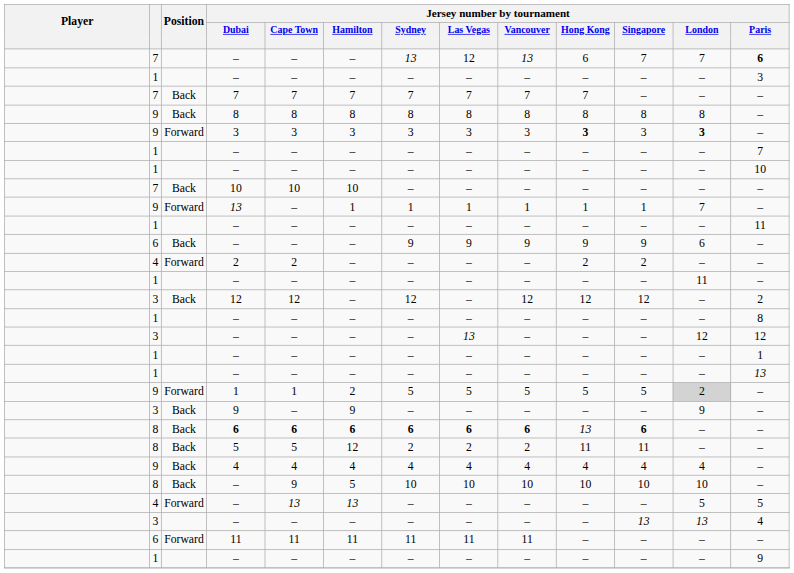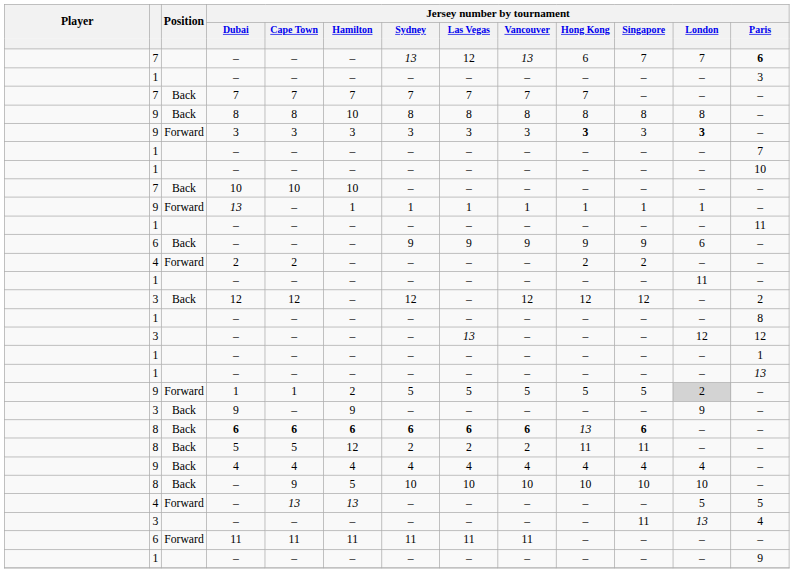 <table class="wikitable sortable" style="text-align:center;">
 <tr>
 <th rowspan=2 style="border-bottom:0px; width:12em;">Player</th>
 <th rowspan=2 style="border-bottom:0px;"></th>
 <th rowspan=2 style="border-bottom:0px;">Position</th>
 <th colspan=10 style="font-size:95%;">Jersey number by tournament</th>
 </tr>
 <tr>
 <th style="vertical-align:top;width:5.5em;border-bottom:1px solid transparent;padding:2px;font-size:85%;"><a href='#'>Dubai</a></th>
 <th style="vertical-align:top;width:5.5em;border-bottom:1px solid transparent;padding:2px;font-size:85%;"><a href='#'>Cape Town</a></th>
 <th style="vertical-align:top;width:5.5em;border-bottom:1px solid transparent;padding:2px;font-size:85%;"><a href='#'>Hamilton</a></th>
 <th style="vertical-align:top;width:5.5em;border-bottom:1px solid transparent;padding:2px;font-size:85%;"><a href='#'>Sydney</a></th>
 <th style="vertical-align:top;width:5.5em;border-bottom:1px solid transparent;padding:2px;font-size:85%;"><a href='#'>Las Vegas</a></th>
 <th style="vertical-align:top;width:5.5em;border-bottom:1px solid transparent;padding:2px;font-size:85%;"><a href='#'>Vancouver</a></th>
 <th style="vertical-align:top;width:5.5em;border-bottom:1px solid transparent;padding:2px;font-size:85%;"><a href='#'>Hong Kong</a></th>
 <th style="vertical-align:top;width:5.5em;border-bottom:1px solid transparent;padding:2px;font-size:85%;"><a href='#'>Singapore</a></th>
 <th style="vertical-align:top;width:5.5em;border-bottom:1px solid transparent;padding:2px;font-size:85%;"><a href='#'>London</a></th>
 <th style="vertical-align:top;width:5.5em;border-bottom:1px solid transparent;padding:2px;font-size:85%;"><a href='#'>Paris</a></th>
 </tr>
 <tr style="line-height:8px;">
 <th style="border-top:1px solid transparent;"></th>
 <th style="border-top:1px solid transparent;"> </th>
 <th style="border-top:1px solid transparent;"> </th>
 <th data-sort-type="number" style="border-top:1px solid transparent;"></th>
 <th data-sort-type="number" style="border-top:1px solid transparent;"></th>
 <th data-sort-type="number" style="border-top:1px solid transparent;"></th>
 <th data-sort-type="number" style="border-top:1px solid transparent;"></th>
 <th data-sort-type="number" style="border-top:1px solid transparent;"></th>
 <th data-sort-type="number" style="border-top:1px solid transparent;"></th>
 <th data-sort-type="number" style="border-top:1px solid transparent;"></th>
 <th data-sort-type="number" style="border-top:1px solid transparent;"></th>
 <th data-sort-type="number" style="border-top:1px solid transparent;"></th>
 <th data-sort-type="number" style="border-top:1px solid transparent;"></th>
 </tr>
 <tr>
 <td align=left></td>
 <td>7</td>
 <td></td>
 <td>–</td>
 <td>–</td>
 <td>–</td>
 <td><em>13</em></td>
 <td>12</td>
 <td><em>13</em></td>
 <td>6</td>
 <td>7</td>
 <td>7</td>
 <td><strong>6</strong></td>
 </tr>
 <tr>
 <td align=left></td>
 <td>1</td>
 <td></td>
 <td>–</td>
 <td>–</td>
 <td>–</td>
 <td>–</td>
 <td>–</td>
 <td>–</td>
 <td>–</td>
 <td>–</td>
 <td>–</td>
 <td>3</td>
 </tr>
 <tr>
 <td align=left></td>
 <td>7</td>
 <td>Back</td>
 <td>7</td>
 <td>7</td>
 <td>7</td>
 <td>7</td>
 <td>7</td>
 <td>7</td>
 <td>7</td>
 <td>–</td>
 <td>–</td>
 <td>–</td>
 </tr>
 <tr>
 <td align=left></td>
 <td>9</td>
 <td>Back</td>
 <td>8</td>
 <td>8</td>
-<td>8</td>
+<td>10</td>
 <td>8</td>
 <td>8</td>
 <td>8</td>
 <td>8</td>
 <td>8</td>
 <td>8</td>
 <td>–</td>
 </tr>
 <tr>
 <td align=left></td>
 <td>9</td>
 <td>Forward</td>
 <td>3</td>
 <td>3</td>
 <td>3</td>
 <td>3</td>
 <td>3</td>
 <td>3</td>
 <td><strong>3</strong></td>
 <td>3</td>
 <td><strong>3</strong></td>
 <td>–</td>
 </tr>
 <tr>
 <td align=left></td>
 <td>1</td>
 <td></td>
 <td>–</td>
 <td>–</td>
 <td>–</td>
 <td>–</td>
 <td>–</td>
 <td>–</td>
 <td>–</td>
 <td>–</td>
 <td>–</td>
 <td>7</td>
 </tr>
 <tr>
 <td align=left></td>
 <td>1</td>
 <td></td>
 <td>–</td>
 <td>–</td>
 <td>–</td>
 <td>–</td>
 <td>–</td>
 <td>–</td>
 <td>–</td>
 <td>–</td>
 <td>–</td>
 <td>10</td>
 </tr>
 <tr>
 <td align=left></td>
 <td>7</td>
 <td>Back</td>
 <td>10</td>
 <td>10</td>
 <td>10</td>
 <td>–</td>
 <td>–</td>
 <td>–</td>
 <td>–</td>
 <td>–</td>
 <td>–</td>
 <td>–</td>
 </tr>
 <tr>
 <td align=left></td>
 <td>9</td>
 <td>Forward</td>
 <td><em>13</em></td>
 <td>–</td>
 <td>1</td>
 <td>1</td>
 <td>1</td>
 <td>1</td>
 <td>1</td>
 <td>1</td>
-<td>7</td>
+<td>1</td>
 <td>–</td>
 </tr>
 <tr>
 <td align=left></td>
 <td>1</td>
 <td></td>
 <td>–</td>
 <td>–</td>
 <td>–</td>
 <td>–</td>
 <td>–</td>
 <td>–</td>
 <td>–</td>
 <td>–</td>
 <td>–</td>
 <td>11</td>
 </tr>
 <tr>
 <td align=left></td>
 <td>6</td>
 <td>Back</td>
 <td>–</td>
 <td>–</td>
 <td>–</td>
 <td>9</td>
 <td>9</td>
 <td>9</td>
 <td>9</td>
 <td>9</td>
 <td>6</td>
 <td>–</td>
 </tr>
 <tr>
 <td align=left></td>
 <td>4</td>
 <td>Forward</td>
 <td>2</td>
 <td>2</td>
 <td>–</td>
 <td>–</td>
 <td>–</td>
 <td>–</td>
 <td>2</td>
 <td>2</td>
 <td>–</td>
 <td>–</td>
 </tr>
 <tr>
 <td align=left></td>
 <td>1</td>
 <td></td>
 <td>–</td>
 <td>–</td>
 <td>–</td>
 <td>–</td>
 <td>–</td>
 <td>–</td>
 <td>–</td>
 <td>–</td>
 <td>11</td>
 <td>–</td>
 </tr>
 <tr>
 <td align=left></td>
 <td>3</td>
 <td>Back</td>
 <td>12</td>
 <td>12</td>
 <td>–</td>
 <td>12</td>
 <td>–</td>
 <td>12</td>
 <td>12</td>
 <td>12</td>
 <td>–</td>
 <td>2</td>
 </tr>
 <tr>
 <td align=left></td>
 <td>1</td>
 <td></td>
 <td>–</td>
 <td>–</td>
 <td>–</td>
 <td>–</td>
 <td>–</td>
 <td>–</td>
 <td>–</td>
 <td>–</td>
 <td>–</td>
 <td>8</td>
 </tr>
 <tr>
 <td align=left></td>
 <td>3</td>
 <td></td>
 <td>–</td>
 <td>–</td>
 <td>–</td>
 <td>–</td>
 <td><em>13</em></td>
 <td>–</td>
 <td>–</td>
 <td>–</td>
 <td>12</td>
 <td>12</td>
 </tr>
 <tr>
 <td align=left></td>
 <td>1</td>
 <td></td>
 <td>–</td>
 <td>–</td>
 <td>–</td>
 <td>–</td>
 <td>–</td>
 <td>–</td>
 <td>–</td>
 <td>–</td>
 <td>–</td>
 <td>1</td>
 </tr>
 <tr>
 <td align=left></td>
 <td>1</td>
 <td></td>
 <td>–</td>
 <td>–</td>
 <td>–</td>
 <td>–</td>
 <td>–</td>
 <td>–</td>
 <td>–</td>
 <td>–</td>
 <td>–</td>
 <td><em>13</em></td>
 </tr>
 <tr>
 <td align=left></td>
 <td>9</td>
 <td>Forward</td>
 <td>1</td>
 <td>1</td>
 <td>2</td>
 <td>5</td>
 <td>5</td>
 <td>5</td>
 <td>5</td>
 <td>5</td>
 <td style="background: lightgrey;">2</td>
 <td>–</td>
 </tr>
 <tr>
 <td align=left></td>
 <td>3</td>
 <td>Back</td>
 <td>9</td>
 <td>–</td>
 <td>9</td>
 <td>–</td>
 <td>–</td>
 <td>–</td>
 <td>–</td>
 <td>–</td>
 <td>9</td>
 <td>–</td>
 </tr>
 <tr>
 <td align=left></td>
 <td>8</td>
 <td>Back</td>
 <td><strong>6</strong></td>
 <td><strong>6</strong></td>
 <td><strong>6</strong></td>
 <td><strong>6</strong></td>
 <td><strong>6</strong></td>
 <td><strong>6</strong></td>
 <td><em>13</em></td>
 <td><strong>6</strong></td>
 <td>–</td>
 <td>–</td>
 </tr>
 <tr>
 <td align=left></td>
 <td>8</td>
 <td>Back</td>
 <td>5</td>
 <td>5</td>
 <td>12</td>
 <td>2</td>
 <td>2</td>
 <td>2</td>
 <td>11</td>
 <td>11</td>
 <td>–</td>
 <td>–</td>
 </tr>
 <tr>
 <td align=left></td>
 <td>9</td>
 <td>Back</td>
 <td>4</td>
 <td>4</td>
 <td>4</td>
 <td>4</td>
 <td>4</td>
 <td>4</td>
 <td>4</td>
 <td>4</td>
 <td>4</td>
 <td>–</td>
 </tr>
 <tr>
 <td align=left></td>
 <td>8</td>
 <td>Back</td>
 <td>–</td>
 <td>9</td>
 <td>5</td>
 <td>10</td>
 <td>10</td>
 <td>10</td>
 <td>10</td>
 <td>10</td>
 <td>10</td>
 <td>–</td>
 </tr>
 <tr>
 <td align=left></td>
 <td>4</td>
 <td>Forward</td>
 <td>–</td>
 <td><em>13</em></td>
 <td><em>13</em></td>
 <td>–</td>
 <td>–</td>
 <td>–</td>
 <td>–</td>
 <td>–</td>
 <td>5</td>
 <td>5</td>
 </tr>
 <tr>
 <td align=left></td>
 <td>3</td>
 <td></td>
 <td>–</td>
 <td>–</td>
 <td>–</td>
 <td>–</td>
 <td>–</td>
 <td>–</td>
 <td>–</td>
-<td><em>13</em></td>
+<td>11</td>
 <td><em>13</em></td>
 <td>4</td>
 </tr>
 <tr>
 <td align=left></td>
 <td>6</td>
 <td>Forward</td>
 <td>11</td>
 <td>11</td>
 <td>11</td>
 <td>11</td>
 <td>11</td>
 <td>11</td>
 <td>–</td>
 <td>–</td>
 <td>–</td>
 <td>–</td>
 </tr>
 <tr>
 <td align=left></td>
 <td>1</td>
 <td></td>
 <td>–</td>
 <td>–</td>
 <td>–</td>
 <td>–</td>
 <td>–</td>
 <td>–</td>
 <td>–</td>
 <td>–</td>
 <td>–</td>
 <td>9</td>
 </tr>
 <tr>
 </tr>
 </table>
